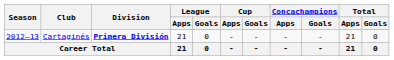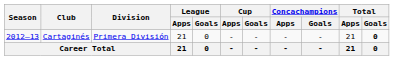 <table class="wikitable" style="text-align: center;">
 <tr>
 <th rowspan="2">Season</th>
 <th rowspan="2">Club</th>
 <th rowspan="2">Division</th>
 <th colspan="2">League</th>
 <th colspan="2">Cup</th>
 <th colspan="2"><a href='#'>Concachampions</a></th>
 <th colspan="2">Total</th>
 </tr>
 <tr>
 <th>Apps</th>
 <th>Goals</th>
 <th>Apps</th>
 <th>Goals</th>
 <th>Apps</th>
 <th>Goals</th>
 <th>Apps</th>
 <th>Goals</th>
 </tr>
 <tr>
 <td><a href='#'>2012–13</a></td>
 <td rowspan="1"><a href='#'>Cartaginés</a></td>
-<td rowspan="1" align=center valign=center><strong><a href='#'>Primera División</a></strong></td>
+<td rowspan="1" align=center valign=center><a href='#'>Primera División</a></td>
 <td>21</td>
 <td>0</td>
 <td>-</td>
 <td>-</td>
 <td>-</td>
 <td>-</td>
 <td>21</td>
-<td>0</td>
+<td><strong>0</strong></td>
 </tr>
 <tr>
 <th colspan="3">Career Total</th>
 <th>21</th>
 <th>0</th>
 <th>-</th>
 <th>-</th>
 <th>-</th>
 <th>-</th>
 <th>21</th>
 <th>0</th>
 </tr>
 </table>
